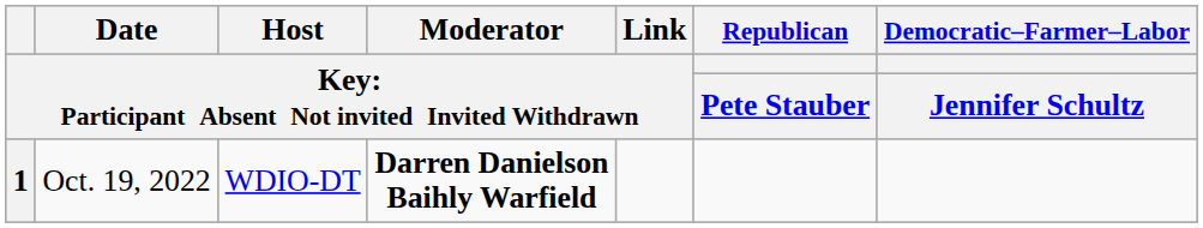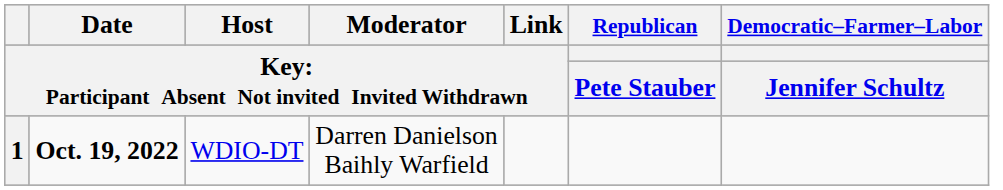 <table class="wikitable" style="text-align:center;">
 <tr>
 <th scope="col"></th>
 <th scope="col">Date</th>
 <th scope="col">Host</th>
 <th scope="col">Moderator</th>
 <th scope="col">Link</th>
 <th scope="col"><small><a href='#'>Republican</a></small></th>
 <th scope="col"><small><a href='#'>Democratic–Farmer–Labor</a></small></th>
 </tr>
 <tr>
 <th colspan="5" rowspan="2">Key:<br> <small>Participant </small>  <small>Absent </small>  <small>Not invited </small>  <small>Invited  Withdrawn</small></th>
 <th scope="col" style="background:"></th>
 <th scope="col" style="background:"></th>
 </tr>
 <tr>
 <th scope="col"><a href='#'>Pete Stauber</a></th>
 <th scope="col"><a href='#'>Jennifer Schultz</a></th>
 </tr>
 <tr>
 <th>1</th>
-<td style="white-space:nowrap;">Oct. 19, 2022</td>
+<td style="white-space:nowrap;"><strong>Oct. 19, 2022</strong></td>
 <td style="white-space:nowrap;"><a href='#'>WDIO-DT</a></td>
-<td style="white-space:nowrap;"><strong>Darren Danielson<br>Baihly Warfield</strong></td>
+<td style="white-space:nowrap;">Darren Danielson<br>Baihly Warfield</td>
 <td style="white-space:nowrap;"></td>
 <td></td>
 <td></td>
 </tr>
 </table>
